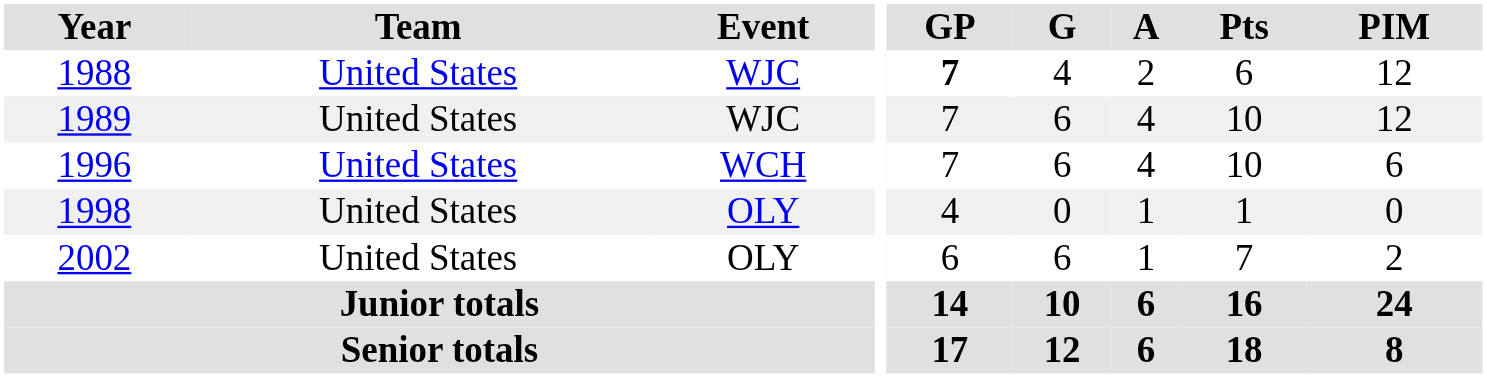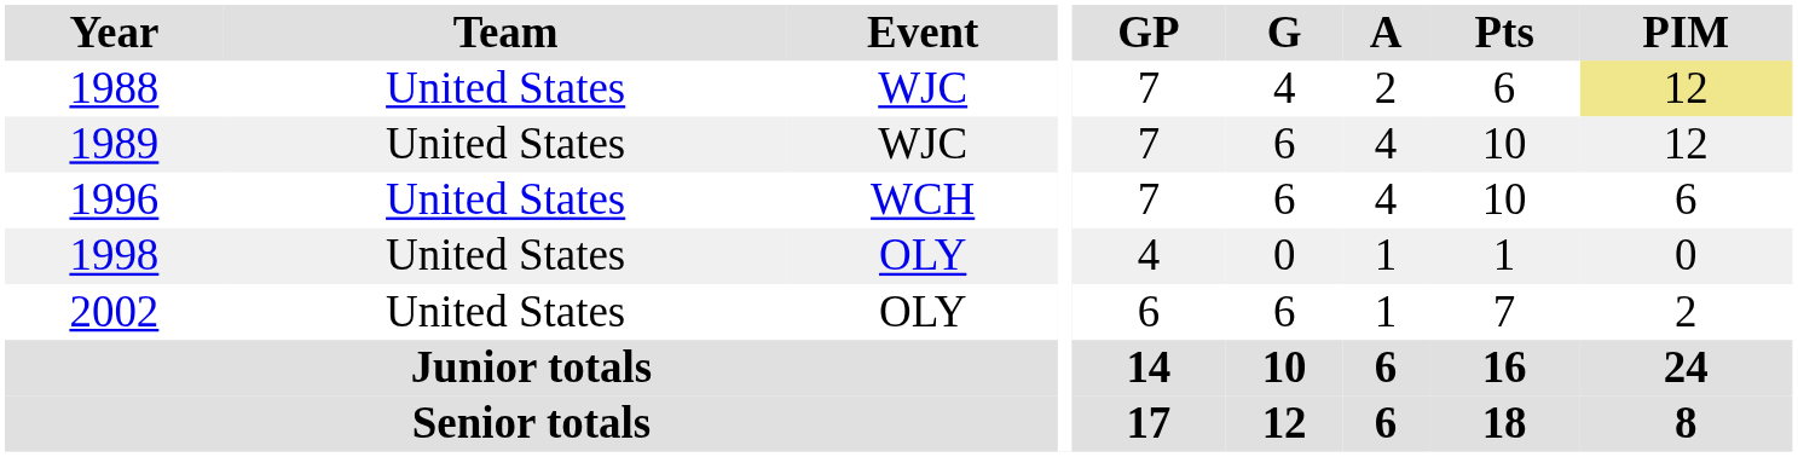 <table border="0" cellpadding="1" cellspacing="0" ID="Table3" style="text-align:center; width:40em">
 <tr bgcolor="#e0e0e0">
 <th>Year</th>
 <th>Team</th>
 <th>Event</th>
 <th rowspan="102" bgcolor="#ffffff"></th>
 <th>GP</th>
 <th>G</th>
 <th>A</th>
 <th>Pts</th>
 <th>PIM</th>
 </tr>
 <tr>
 <td><a href='#'>1988</a></td>
 <td><a href='#'>United States</a></td>
 <td><a href='#'>WJC</a></td>
-<td><strong>7</strong></td>
+<td>7</td>
 <td>4</td>
 <td>2</td>
 <td>6</td>
-<td>12</td>
+<td style="background: khaki;">12</td>
 </tr>
 <tr bgcolor="#f0f0f0">
 <td><a href='#'>1989</a></td>
 <td>United States</td>
 <td>WJC</td>
 <td>7</td>
 <td>6</td>
 <td>4</td>
 <td>10</td>
 <td>12</td>
 </tr>
 <tr>
 <td><a href='#'>1996</a></td>
 <td><a href='#'>United States</a></td>
 <td><a href='#'>WCH</a></td>
 <td>7</td>
 <td>6</td>
 <td>4</td>
 <td>10</td>
 <td>6</td>
 </tr>
 <tr bgcolor="#f0f0f0">
 <td><a href='#'>1998</a></td>
 <td>United States</td>
 <td><a href='#'>OLY</a></td>
 <td>4</td>
 <td>0</td>
 <td>1</td>
 <td>1</td>
 <td>0</td>
 </tr>
 <tr>
 <td><a href='#'>2002</a></td>
 <td>United States</td>
 <td>OLY</td>
 <td>6</td>
 <td>6</td>
 <td>1</td>
 <td>7</td>
 <td>2</td>
 </tr>
 <tr bgcolor="#e0e0e0">
 <th colspan=3>Junior totals</th>
 <th>14</th>
 <th>10</th>
 <th>6</th>
 <th>16</th>
 <th>24</th>
 </tr>
 <tr bgcolor="#e0e0e0">
 <th colspan=3>Senior totals</th>
 <th>17</th>
 <th>12</th>
 <th>6</th>
 <th>18</th>
 <th>8</th>
 </tr>
 </table>
